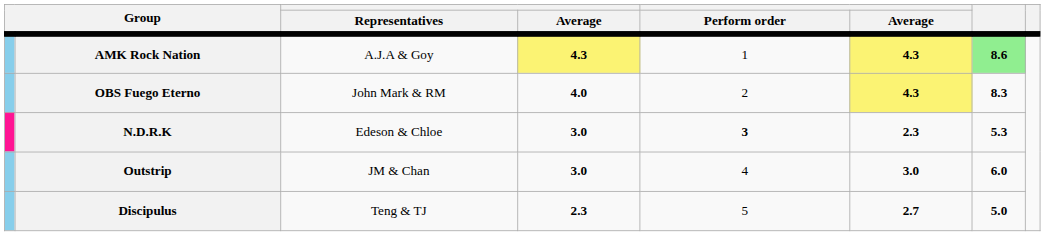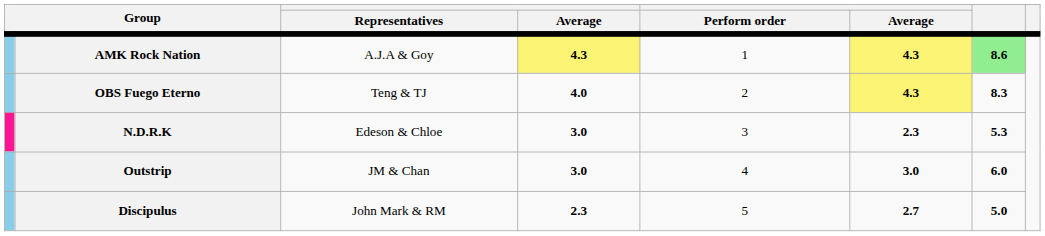 <table class="wikitable plainrowheaders" style="text-align:center; width:100%">
 <tr>
 <th colspan="2" rowspan="2">Group</th>
 <th colspan="2"></th>
 <th colspan="2"></th>
 <th rowspan="2"></th>
 <th rowspan="2"></th>
 </tr>
 <tr>
 <th>Representatives</th>
 <th>Average</th>
 <th>Perform order</th>
 <th>Average</th>
 </tr>
 <tr style="border-top: 7px solid; height: 3em;">
 <th width="01%" style="background:#87ceeb;"></th>
 <th>AMK Rock Nation</th>
 <td>A.J.A & Goy</td>
 <td style="background:#FBF373;"><strong>4.3</strong><br></td>
 <td>1</td>
 <td style="background:#FBF373;"><strong>4.3</strong><br></td>
 <td style="background:#90ee90;"><strong>8.6</strong><br></td>
 <td rowspan="5"></td>
 </tr>
 <tr style="height: 3em;">
 <th width="01%" style="background:#87ceeb;"></th>
 <th>OBS Fuego Eterno</th>
-<td>John Mark & RM</td>
+<td>Teng & TJ</td>
 <td><strong>4.0</strong><br></td>
 <td>2</td>
 <td style="background:#FBF373;"><strong>4.3</strong><br></td>
 <td><strong>8.3</strong><br></td>
 </tr>
 <tr style="height: 3em;">
 <th width="01%" style="background:#FF1493;"></th>
 <th>N.D.R.K</th>
 <td>Edeson & Chloe</td>
 <td><strong>3.0</strong><br></td>
-<td><strong>3</strong></td>
+<td>3</td>
 <td><strong>2.3</strong><br></td>
 <td><strong>5.3</strong><br></td>
 </tr>
 <tr style="height: 3em;">
 <th width="01%" style="background:#87ceeb;"></th>
 <th>Outstrip</th>
 <td>JM & Chan</td>
 <td><strong>3.0</strong><br></td>
 <td>4</td>
 <td><strong>3.0</strong><br></td>
 <td><strong>6.0</strong><br></td>
 </tr>
 <tr style="height: 3em;">
 <th width="01%" style="background:#87ceeb;"></th>
 <th>Discipulus</th>
-<td>Teng & TJ</td>
+<td>John Mark & RM</td>
 <td><strong>2.3</strong><br></td>
 <td>5</td>
 <td><strong>2.7</strong><br></td>
 <td><strong>5.0</strong><br></td>
 </tr>
 </table>
